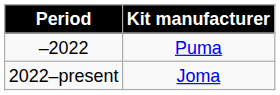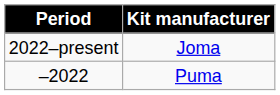 <table class="wikitable" style="font-size: 95%; text-align:center;">
 <tr>
 <th scope=col style="color:white; background:#000000">Period</th>
 <th scope=col style="color:white; background:#000000">Kit manufacturer</th>
 </tr>
 <tr>
+<td>2022–present</td>
+<td> <a href='#'>Joma</a></td>
+</tr>
+<tr>
 <td>–2022</td>
 <td> <a href='#'>Puma</a></td>
 </tr>
-<tr>
-<td>2022–present</td>
-<td> <a href='#'>Joma</a></td>
-</tr>
 </table>
